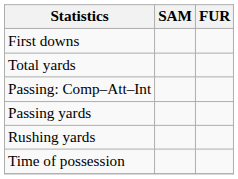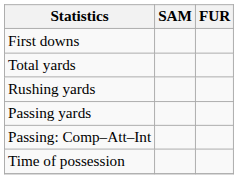 <table class="wikitable" style="float: left;">
 <tr>
 <th>Statistics</th>
 <th>SAM</th>
 <th>FUR</th>
 </tr>
 <tr>
 <td>First downs</td>
 <td></td>
 <td></td>
 </tr>
 <tr>
 <td>Total yards</td>
 <td></td>
 <td></td>
 </tr>
 <tr>
-<td>Passing: Comp–Att–Int</td>
+<td>Rushing yards</td>
 <td></td>
 <td></td>
 </tr>
 <tr>
 <td>Passing yards</td>
 <td></td>
 <td></td>
 </tr>
 <tr>
-<td>Rushing yards</td>
+<td>Passing: Comp–Att–Int</td>
 <td></td>
 <td></td>
 </tr>
 <tr>
 <td>Time of possession</td>
 <td></td>
 <td></td>
 </tr>
 <tr>
 </tr>
 </table>
